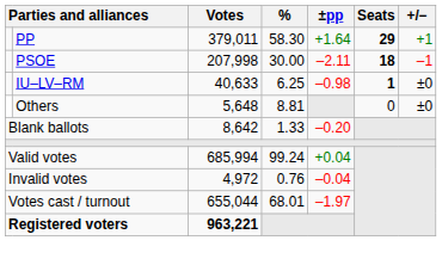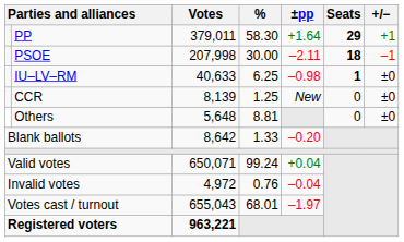 <table class="wikitable" style="text-align:right;">
 <tr>
 <th style="text-align:left;" colspan="2" width="200">Parties and alliances</th>
 <th width="75">Votes</th>
 <th width="45">%</th>
 <th width="45">±<a href='#'>pp</a></th>
 <th width="35">Seats</th>
 <th width="35">+/−</th>
 </tr>
 <tr>
 <td width="1" style="color:inherit;background:"></td>
 <td align="left"><a href='#'>PP</a></td>
 <td>379,011</td>
 <td>58.30</td>
 <td style="color:green;">+1.64</td>
 <td><strong>29</strong></td>
 <td style="color:green;">+1</td>
 </tr>
 <tr>
 <td style="color:inherit;background:"></td>
 <td align="left"><a href='#'>PSOE</a></td>
 <td>207,998</td>
 <td>30.00</td>
 <td style="color:red;">–2.11</td>
 <td><strong>18</strong></td>
 <td style="color:red;">–1</td>
 </tr>
 <tr>
 <td style="color:inherit;background:"></td>
 <td align="left"><a href='#'>IU–LV–RM</a></td>
 <td>40,633</td>
 <td>6.25</td>
 <td style="color:red;">–0.98</td>
 <td><strong>1</strong></td>
 <td>±0</td>
 </tr>
 <tr>
+<td style="color:inherit;background:"></td>
+<td align="left">CCR</td>
+<td>8,139</td>
+<td>1.25</td>
+<td><em>New</em></td>
+<td>0</td>
+<td>±0</td>
+</tr>
+<tr>
 <td bgcolor="white"></td>
 <td align="left">Others</td>
 <td>5,648</td>
 <td>8.81</td>
 <td bgcolor="#E9E9E9"></td>
 <td>0</td>
 <td>±0</td>
 </tr>
 <tr>
 <td align="left" colspan="2">Blank ballots</td>
 <td>8,642</td>
 <td>1.33</td>
 <td style="color:red;">–0.20</td>
 <td bgcolor="#E9E9E9" colspan="2"></td>
 </tr>
 <tr>
 <td colspan="7" bgcolor="#E9E9E9"></td>
 </tr>
 <tr>
 <td align="left" colspan="2">Valid votes</td>
-<td>685,994</td>
+<td>650,071</td>
 <td>99.24</td>
 <td style="color:green;">+0.04</td>
 <td bgcolor="#E9E9E9" colspan="2" rowspan="4"></td>
 </tr>
 <tr>
 <td align="left" colspan="2">Invalid votes</td>
 <td>4,972</td>
 <td>0.76</td>
 <td style="color:red;">–0.04</td>
 </tr>
 <tr>
 <td align="left" colspan="2">Votes cast / turnout</td>
-<td>655,044</td>
+<td>655,043</td>
 <td>68.01</td>
 <td style="color:red;">–1.97</td>
 </tr>
 <tr style="font-weight:bold;">
 <td align="left" colspan="2">Registered voters</td>
 <td>963,221</td>
 <td bgcolor="#E9E9E9" colspan="2"></td>
 </tr>
 </table>
